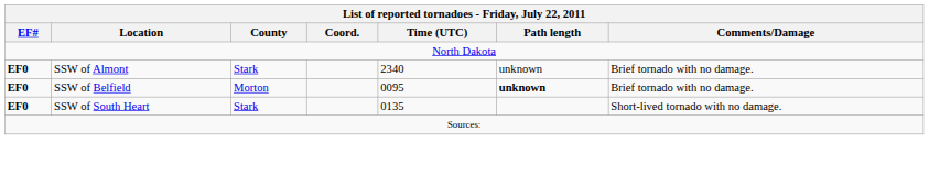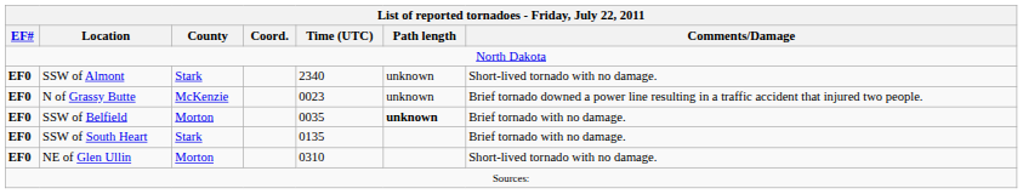 <table class="wikitable collapsible" width="100%">
 <tr>
 <th colspan="7">List of reported tornadoes - Friday, July 22, 2011</th>
 </tr>
 <tr>
 <th><a href='#'>EF#</a></th>
 <th>Location</th>
 <th>County</th>
 <th>Coord.</th>
 <th>Time (UTC)</th>
 <th>Path length</th>
 <th>Comments/Damage</th>
 </tr>
 <tr>
 <td colspan="7" align=center><a href='#'>North Dakota</a></td>
 </tr>
 <tr>
 <td><strong>EF0</strong></td>
 <td>SSW of <a href='#'>Almont</a></td>
 <td><a href='#'>Stark</a></td>
 <td></td>
 <td>2340</td>
 <td>unknown</td>
-<td>Brief tornado with no damage.</td>
+<td>Short-lived tornado with no damage.</td>
+</tr>
+<tr>
+<td><strong>EF0</strong></td>
+<td>N of <a href='#'>Grassy Butte</a></td>
+<td><a href='#'>McKenzie</a></td>
+<td></td>
+<td>0023</td>
+<td>unknown</td>
+<td>Brief tornado downed a power line resulting in a traffic accident that injured two people.</td>
 </tr>
 <tr>
 <td><strong>EF0</strong></td>
 <td>SSW of <a href='#'>Belfield</a></td>
 <td><a href='#'>Morton</a></td>
 <td></td>
-<td>0095</td>
+<td>0035</td>
 <td><strong>unknown</strong></td>
 <td>Brief tornado with no damage.</td>
 </tr>
 <tr>
 <td><strong>EF0</strong></td>
 <td>SSW of <a href='#'>South Heart</a></td>
 <td><a href='#'>Stark</a></td>
 <td></td>
 <td>0135</td>
 <td></td>
+<td>Brief tornado with no damage.</td>
+</tr>
+<tr>
+<td><strong>EF0</strong></td>
+<td>NE of <a href='#'>Glen Ullin</a></td>
+<td><a href='#'>Morton</a></td>
+<td></td>
+<td>0310</td>
+<td></td>
 <td>Short-lived tornado with no damage.</td>
 </tr>
 <tr>
 <td colspan="7" align=center><small>Sources: </small></td>
 </tr>
 </table>
